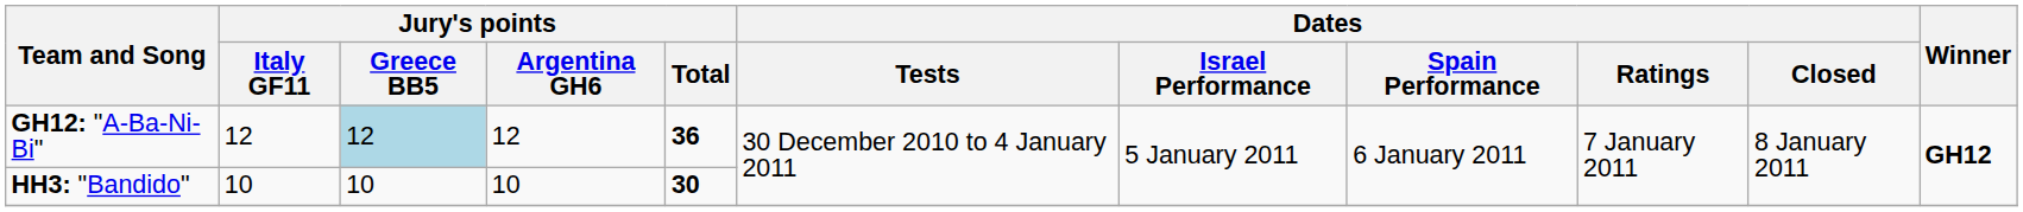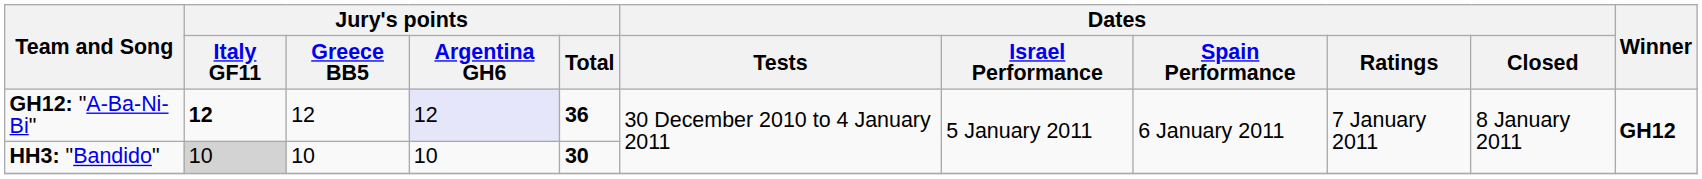 <table class="wikitable" style="text-align:left; font-size:100%; line-height:16px;" width="100%">
 <tr>
 <th rowspan="2">Team and Song</th>
 <th colspan="4">Jury's points</th>
 <th colspan="5">Dates</th>
 <th rowspan="2">Winner</th>
 </tr>
 <tr>
 <th><a href='#'>Italy</a> GF11</th>
 <th><a href='#'>Greece</a> BB5</th>
 <th><a href='#'>Argentina</a> GH6</th>
 <th>Total</th>
 <th>Tests</th>
 <th><a href='#'>Israel</a> Performance</th>
 <th><a href='#'>Spain</a> Performance</th>
 <th>Ratings</th>
 <th>Closed</th>
 </tr>
 <tr>
 <td><strong>GH12:</strong> "<a href='#'>A-Ba-Ni-Bi</a>"</td>
+<td><strong>12</strong></td>
 <td>12</td>
-<td style="background: lightblue;">12</td>
-<td>12</td>
+<td style="background: lavender;">12</td>
 <td><strong>36</strong></td>
 <td rowspan="2">30 December 2010 to 4 January 2011</td>
 <td rowspan="2">5 January 2011</td>
 <td rowspan="2">6 January 2011</td>
 <td rowspan="2">7 January 2011</td>
 <td rowspan="2">8 January 2011</td>
 <td rowspan="2"><strong>GH12</strong></td>
 </tr>
 <tr>
 <td><strong>HH3:</strong> "<a href='#'>Bandido</a>"</td>
-<td>10</td>
+<td style="background: lightgrey;">10</td>
 <td>10</td>
 <td>10</td>
 <td><strong>30</strong></td>
 </tr>
 <tr>
 </tr>
 </table>
